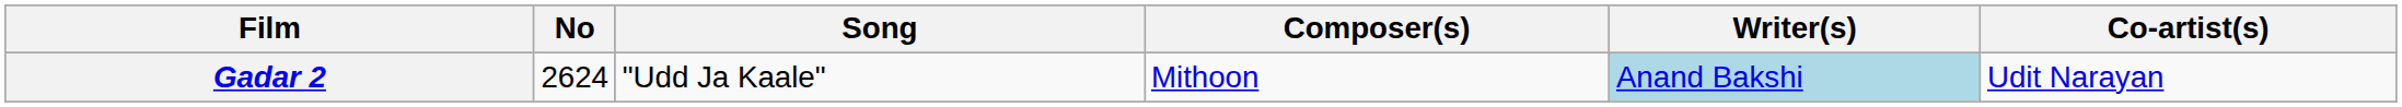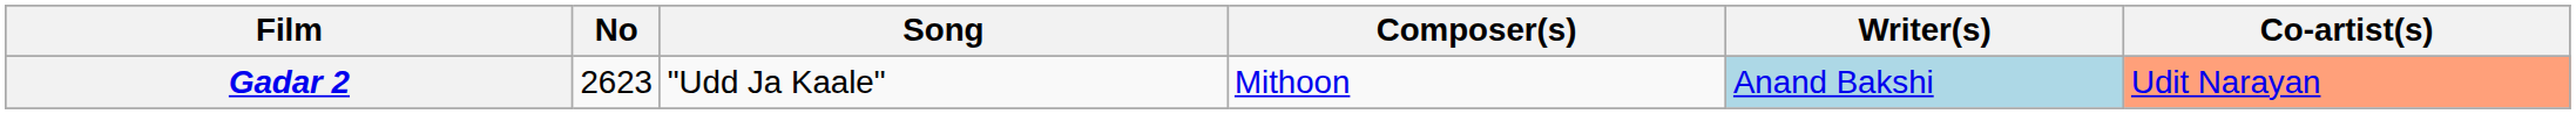 <table class="wikitable plainrowheaders" width="100%" textcolor:#000;">
 <tr style="background:#b0e0e66;">
 <th scope="col" width=23%><strong>Film</strong></th>
 <th><strong>No</strong></th>
 <th scope="col" width=23%><strong>Song</strong></th>
 <th scope="col" width=20%><strong>Composer(s)</strong></th>
 <th scope="col" width=16%><strong>Writer(s)</strong></th>
 <th scope="col" width=18%><strong>Co-artist(s)</strong></th>
 </tr>
 <tr>
 <th><em><a href='#'>Gadar 2</a></em></th>
-<td>2624</td>
+<td>2623</td>
 <td>"Udd Ja Kaale"</td>
 <td><a href='#'>Mithoon</a></td>
 <td style="background: lightblue;"><a href='#'>Anand Bakshi</a></td>
-<td><a href='#'>Udit Narayan</a></td>
+<td style="background: lightsalmon;"><a href='#'>Udit Narayan</a></td>
 </tr>
 </table>
